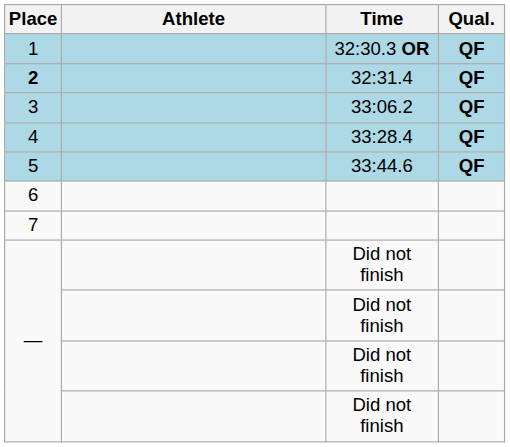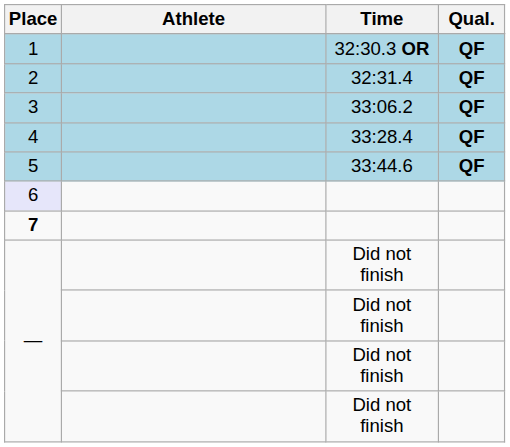 <table class=wikitable style="text-align:center">
 <tr>
 <th width=20>Place</th>
 <th width=220>Athlete</th>
 <th width=90>Time</th>
 <th width=50>Qual.</th>
 </tr>
 <tr>
 </tr>
 <tr bgcolor=lightblue>
 <td>1</td>
 <td align=left></td>
 <td>32:30.3 <strong>OR</strong></td>
 <td><strong>QF</strong></td>
 </tr>
 <tr bgcolor=lightblue>
-<td><strong>2</strong></td>
+<td>2</td>
 <td align=left></td>
 <td>32:31.4</td>
 <td><strong>QF</strong></td>
 </tr>
 <tr bgcolor=lightblue>
 <td>3</td>
 <td align=left></td>
 <td>33:06.2</td>
 <td><strong>QF</strong></td>
 </tr>
 <tr bgcolor=lightblue>
 <td>4</td>
 <td align=left></td>
 <td>33:28.4</td>
 <td><strong>QF</strong></td>
 </tr>
 <tr bgcolor=lightblue>
 <td>5</td>
 <td align=left></td>
 <td>33:44.6</td>
 <td><strong>QF</strong></td>
 </tr>
 <tr>
-<td>6</td>
+<td style="background: lavender;">6</td>
 <td align=left></td>
 <td></td>
 <td></td>
 </tr>
 <tr>
-<td>7</td>
+<td><strong>7</strong></td>
 <td align=left></td>
 <td></td>
 <td></td>
 </tr>
 <tr>
 <td rowspan=4>—</td>
 <td align=left></td>
 <td>Did not finish</td>
 <td></td>
 </tr>
 <tr>
 <td align=left></td>
 <td>Did not finish</td>
 <td></td>
 </tr>
 <tr>
 <td align=left></td>
 <td>Did not finish</td>
 <td></td>
 </tr>
 <tr>
 <td align=left></td>
 <td>Did not finish</td>
 <td></td>
 </tr>
 </table>
